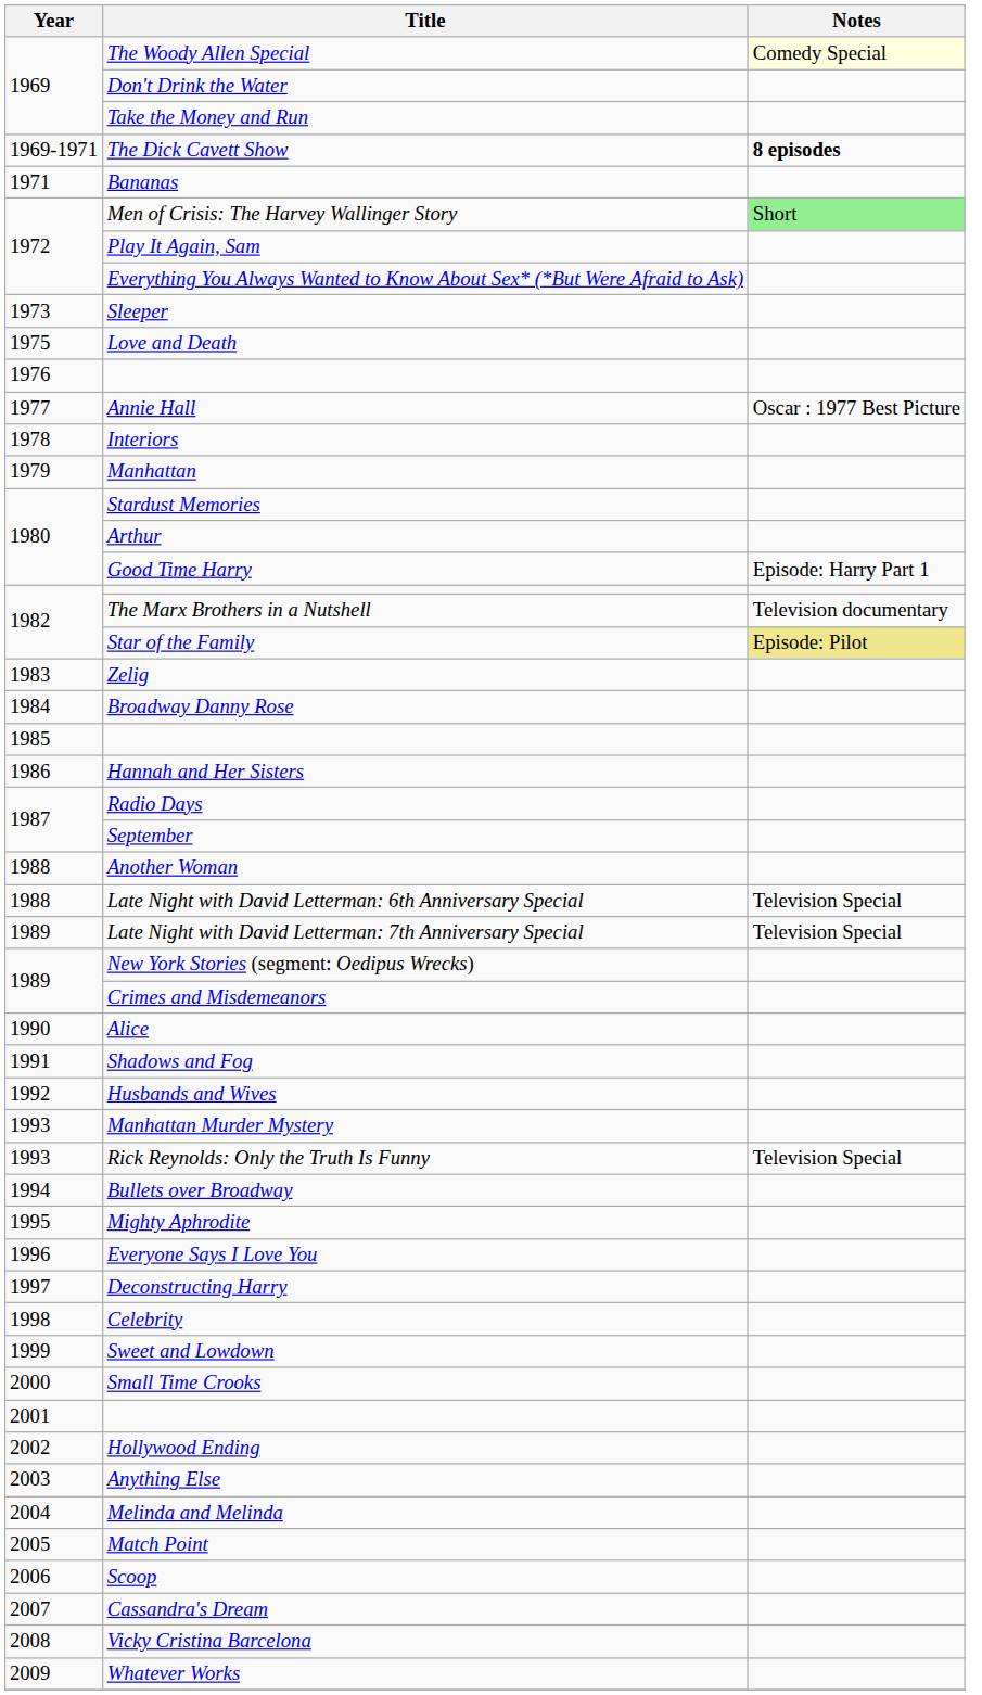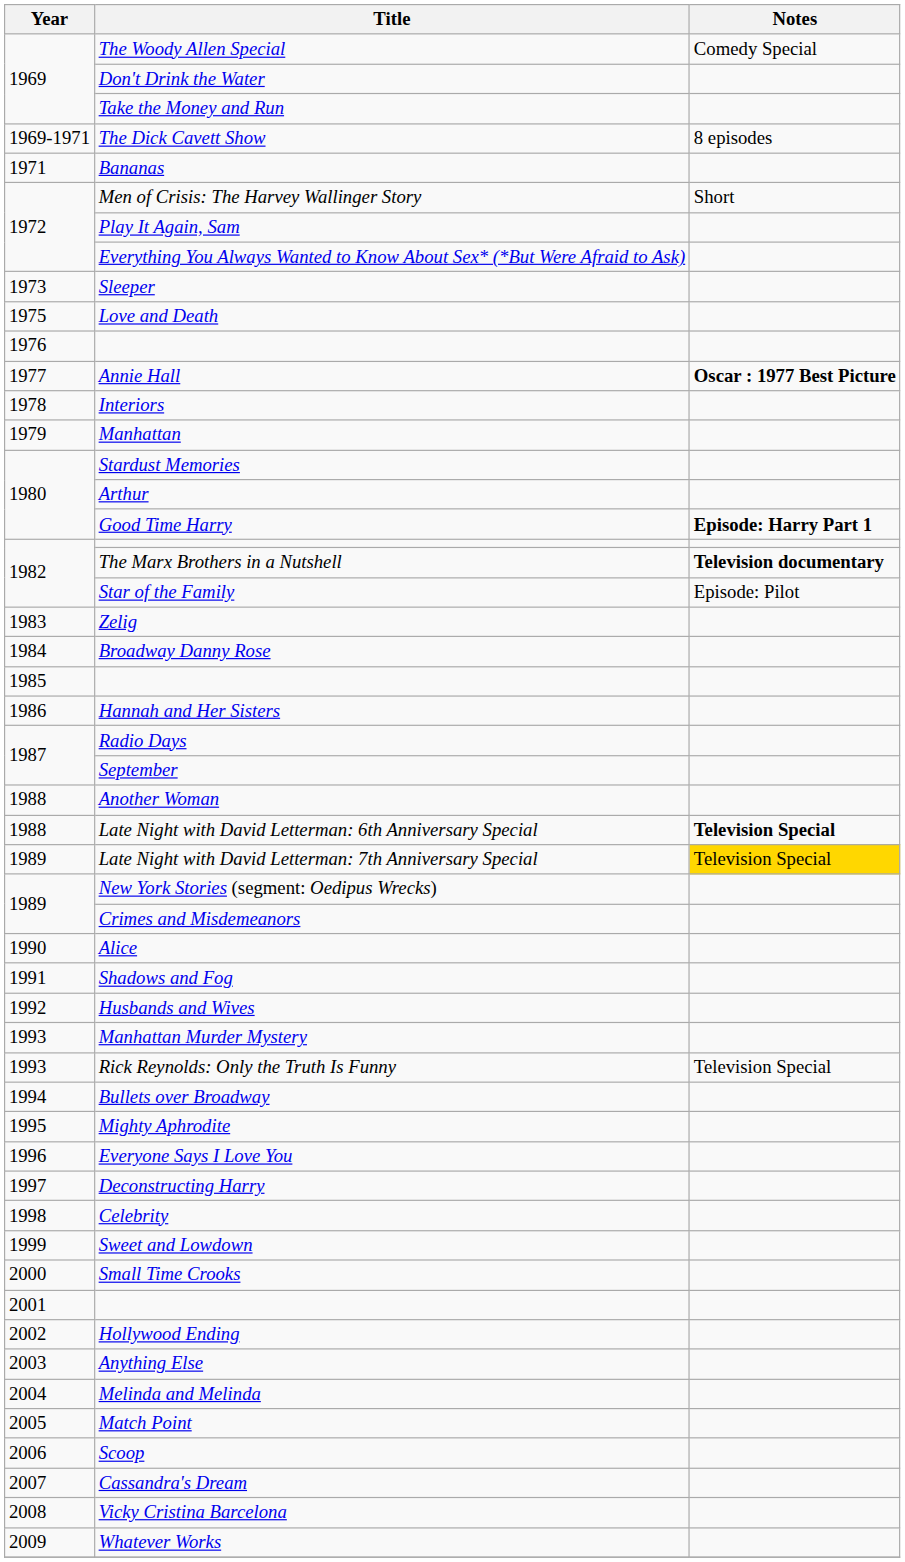 <table class="wikitable sortable">
 <tr>
 <th>Year</th>
 <th>Title</th>
 <th>Notes</th>
 </tr>
 <tr>
 <td rowspan=3>1969</td>
 <td><em><a href='#'>The Woody Allen Special</a></em></td>
-<td style="background: lightyellow;">Comedy Special</td>
+<td>Comedy Special</td>
 </tr>
 <tr>
 <td><em><a href='#'>Don't Drink the Water</a></em></td>
 <td></td>
 </tr>
 <tr>
 <td><em><a href='#'>Take the Money and Run</a></em></td>
 <td></td>
 </tr>
 <tr>
 <td>1969-1971</td>
 <td><em><a href='#'>The Dick Cavett Show</a></em></td>
-<td><strong>8 episodes</strong></td>
+<td>8 episodes</td>
 </tr>
 <tr>
 <td>1971</td>
 <td><em><a href='#'>Bananas</a></em></td>
 <td></td>
 </tr>
 <tr>
 <td rowspan=3>1972</td>
 <td><em>Men of Crisis: The Harvey Wallinger Story</em></td>
-<td style="background: lightgreen;">Short</td>
+<td>Short</td>
 </tr>
 <tr>
 <td><em><a href='#'>Play It Again, Sam</a></em></td>
 <td></td>
 </tr>
 <tr>
 <td><em><a href='#'>Everything You Always Wanted to Know About Sex* (*But Were Afraid to Ask)</a></em></td>
 <td></td>
 </tr>
 <tr>
 <td>1973</td>
 <td><em><a href='#'>Sleeper</a></em></td>
 <td></td>
 </tr>
 <tr>
 <td>1975</td>
 <td><em><a href='#'>Love and Death</a></em></td>
 <td></td>
 </tr>
 <tr>
 <td>1976</td>
 <td><em></em></td>
 <td></td>
 </tr>
 <tr>
 <td>1977</td>
 <td><em><a href='#'>Annie Hall</a></em></td>
-<td>Oscar : 1977 Best Picture</td>
+<td><strong>Oscar : 1977 Best Picture</strong></td>
 </tr>
 <tr>
 <td>1978</td>
 <td><em><a href='#'>Interiors</a></em></td>
 <td></td>
 </tr>
 <tr>
 <td>1979</td>
 <td><em><a href='#'>Manhattan</a></em></td>
 <td></td>
 </tr>
 <tr>
 <td rowspan=3>1980</td>
 <td><em><a href='#'>Stardust Memories</a></em></td>
 <td></td>
 </tr>
 <tr>
 <td><em><a href='#'>Arthur</a></em></td>
 <td></td>
 </tr>
 <tr>
 <td><em><a href='#'>Good Time Harry</a></em></td>
-<td>Episode: Harry Part 1</td>
+<td><strong>Episode: Harry Part 1</strong></td>
 </tr>
 <tr>
 <td rowspan=3>1982</td>
 <td><em></em></td>
 <td></td>
 </tr>
 <tr>
 <td><em>The Marx Brothers in a Nutshell</em></td>
-<td>Television documentary</td>
+<td><strong>Television documentary</strong></td>
 </tr>
 <tr>
 <td><em><a href='#'>Star of the Family</a></em></td>
-<td style="background: khaki;">Episode: Pilot</td>
+<td>Episode: Pilot</td>
 </tr>
 <tr>
 <td>1983</td>
 <td><em><a href='#'>Zelig</a></em></td>
 <td></td>
 </tr>
 <tr>
 <td>1984</td>
 <td><em><a href='#'>Broadway Danny Rose</a></em></td>
 <td></td>
 </tr>
 <tr>
 <td>1985</td>
 <td><em></em></td>
 <td></td>
 </tr>
 <tr>
 <td>1986</td>
 <td><em><a href='#'>Hannah and Her Sisters</a></em></td>
 <td></td>
 </tr>
 <tr>
 <td rowspan=2>1987</td>
 <td><em><a href='#'>Radio Days</a></em></td>
 <td></td>
 </tr>
 <tr>
 <td><em><a href='#'>September</a></em></td>
 <td></td>
 </tr>
 <tr>
 <td>1988</td>
 <td><em><a href='#'>Another Woman</a></em></td>
 <td></td>
 </tr>
 <tr>
 <td>1988</td>
 <td><em>Late Night with David Letterman: 6th Anniversary Special</em></td>
-<td>Television Special</td>
+<td><strong>Television Special</strong></td>
 </tr>
 <tr>
 <td>1989</td>
 <td><em>Late Night with David Letterman: 7th Anniversary Special</em></td>
-<td>Television Special</td>
+<td style="background: gold;">Television Special</td>
 </tr>
 <tr>
 <td rowspan=2>1989</td>
 <td><em><a href='#'>New York Stories</a></em> (segment: <em>Oedipus Wrecks</em>)</td>
 <td></td>
 </tr>
 <tr>
 <td><em><a href='#'>Crimes and Misdemeanors</a></em></td>
 <td></td>
 </tr>
 <tr>
 <td>1990</td>
 <td><em><a href='#'>Alice</a></em></td>
 <td></td>
 </tr>
 <tr>
 <td>1991</td>
 <td><em><a href='#'>Shadows and Fog</a></em></td>
 <td></td>
 </tr>
 <tr>
 <td>1992</td>
 <td><em><a href='#'>Husbands and Wives</a></em></td>
 <td></td>
 </tr>
 <tr>
 <td>1993</td>
 <td><em><a href='#'>Manhattan Murder Mystery</a></em></td>
 <td></td>
 </tr>
 <tr>
 <td>1993</td>
 <td><em>Rick Reynolds: Only the Truth Is Funny</em></td>
 <td>Television Special</td>
 </tr>
 <tr>
 <td>1994</td>
 <td><em><a href='#'>Bullets over Broadway</a></em></td>
 <td></td>
 </tr>
 <tr>
 <td>1995</td>
 <td><em><a href='#'>Mighty Aphrodite</a></em></td>
 <td></td>
 </tr>
 <tr>
 <td>1996</td>
 <td><em><a href='#'>Everyone Says I Love You</a></em></td>
 <td></td>
 </tr>
 <tr>
 <td>1997</td>
 <td><em><a href='#'>Deconstructing Harry</a></em></td>
 <td></td>
 </tr>
 <tr>
 <td>1998</td>
 <td><em><a href='#'>Celebrity</a></em></td>
 <td></td>
 </tr>
 <tr>
 <td>1999</td>
 <td><em><a href='#'>Sweet and Lowdown</a></em></td>
 <td></td>
 </tr>
 <tr>
 <td>2000</td>
 <td><em><a href='#'>Small Time Crooks</a></em></td>
 <td></td>
 </tr>
 <tr>
 <td>2001</td>
 <td><em></em></td>
 <td></td>
 </tr>
 <tr>
 <td>2002</td>
 <td><em><a href='#'>Hollywood Ending</a></em></td>
 <td></td>
 </tr>
 <tr>
 <td>2003</td>
 <td><em><a href='#'>Anything Else</a></em></td>
 <td></td>
 </tr>
 <tr>
 <td>2004</td>
 <td><em><a href='#'>Melinda and Melinda</a></em></td>
 <td></td>
 </tr>
 <tr>
 <td>2005</td>
 <td><em><a href='#'>Match Point</a></em></td>
 <td></td>
 </tr>
 <tr>
 <td>2006</td>
 <td><em><a href='#'>Scoop</a></em></td>
 <td></td>
 </tr>
 <tr>
 <td>2007</td>
 <td><em><a href='#'>Cassandra's Dream</a></em></td>
 <td></td>
 </tr>
 <tr>
 <td>2008</td>
 <td><em><a href='#'>Vicky Cristina Barcelona</a></em></td>
 <td></td>
 </tr>
 <tr>
 <td>2009</td>
 <td><em><a href='#'>Whatever Works</a></em></td>
 <td></td>
 </tr>
 <tr>
 </tr>
 </table>
